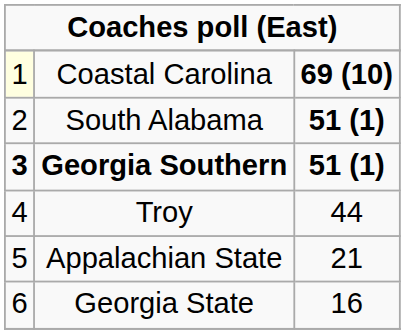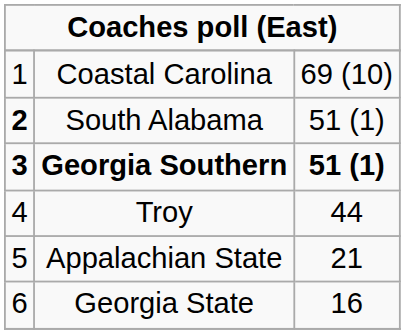 <table class="wikitable">
 <tr align="center">
 <td align="center" Colspan="3"><strong>Coaches poll (East)</strong></td>
 </tr>
 <tr align="center">
 </tr>
 <tr align="center">
-<td style="background: lightyellow;">1</td>
+<td>1</td>
 <td>Coastal Carolina</td>
-<td><strong>69 (10)</strong></td>
+<td>69 (10)</td>
 </tr>
 <tr align="center">
-<td>2</td>
+<td><strong>2</strong></td>
 <td>South Alabama</td>
-<td><strong>51 (1)</strong></td>
+<td>51 (1)</td>
 </tr>
 <tr align="center">
 <td><strong>3</strong></td>
 <td><strong>Georgia Southern</strong></td>
 <td><strong>51 (1)</strong></td>
 </tr>
 <tr align="center">
 <td>4</td>
 <td>Troy</td>
 <td>44</td>
 </tr>
 <tr align="center">
 <td>5</td>
 <td>Appalachian State</td>
 <td>21</td>
 </tr>
 <tr align="center">
 <td>6</td>
 <td>Georgia State</td>
 <td>16</td>
 </tr>
 <tr align="center">
 </tr>
 </table>
